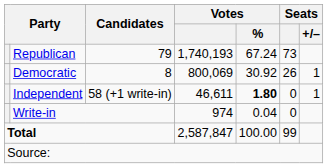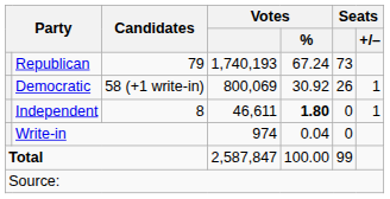 <table class="wikitable">
 <tr>
 <th colspan="2" rowspan="2">Party</th>
 <th rowspan="2">Candidates</th>
 <th colspan="2">Votes</th>
 <th colspan="4">Seats</th>
 </tr>
 <tr>
 <th></th>
 <th>%</th>
 <th></th>
 <th>+/–</th>
 </tr>
 <tr>
 <th style="background-color:"></th>
 <td><a href='#'>Republican</a></td>
 <td align="right">79</td>
 <td align="right">1,740,193</td>
 <td align="right">67.24</td>
 <td align="right">73</td>
 <td align="right"></td>
 </tr>
 <tr>
 <th style="background-color:"></th>
 <td><a href='#'>Democratic</a></td>
-<td align="right">8</td>
+<td align="right">58 (+1 write-in)</td>
 <td align="right">800,069</td>
 <td align="right">30.92</td>
 <td align="right">26</td>
 <td align="right"> 1</td>
 </tr>
 <tr>
 <th style="background-color:"></th>
 <td><a href='#'>Independent</a></td>
-<td align="right">58 (+1 write-in)</td>
+<td align="right">8</td>
 <td align="right">46,611</td>
 <td align="right"><strong>1.80</strong></td>
 <td align="right">0</td>
 <td align="right"> 1</td>
 </tr>
 <tr>
 <th style="background-color:"></th>
 <td colspan="2" align="left"><a href='#'>Write-in</a></td>
 <td align="right">974</td>
 <td align="right">0.04</td>
 <td align="right">0</td>
 <td align="right"></td>
 </tr>
 <tr>
 <td colspan="3" align="left"><strong>Total</strong></td>
 <td align="right">2,587,847</td>
 <td align="right">100.00</td>
 <td align="right">99</td>
 <td align="right"></td>
 </tr>
 <tr>
 <td colspan="10">Source: </td>
 </tr>
 </table>
